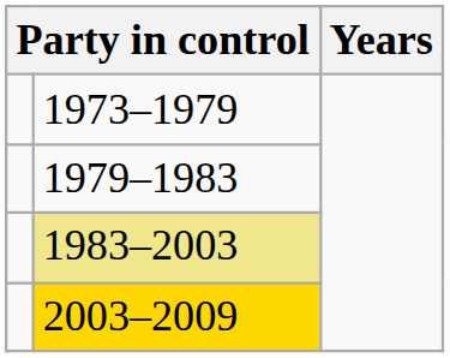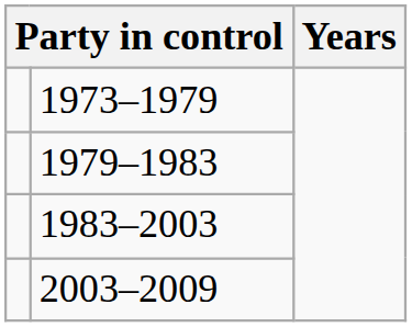 <table class="wikitable">
 <tr>
 <th colspan="2">Party in control</th>
 <th>Years</th>
 </tr>
 <tr>
 <td></td>
 <td>1973–1979</td>
 </tr>
 <tr>
 <td></td>
 <td>1979–1983</td>
 </tr>
 <tr>
 <td></td>
-<td style="background: khaki;">1983–2003</td>
+<td>1983–2003</td>
 </tr>
 <tr>
 <td></td>
-<td style="background: gold;">2003–2009</td>
+<td>2003–2009</td>
 </tr>
 </table>
